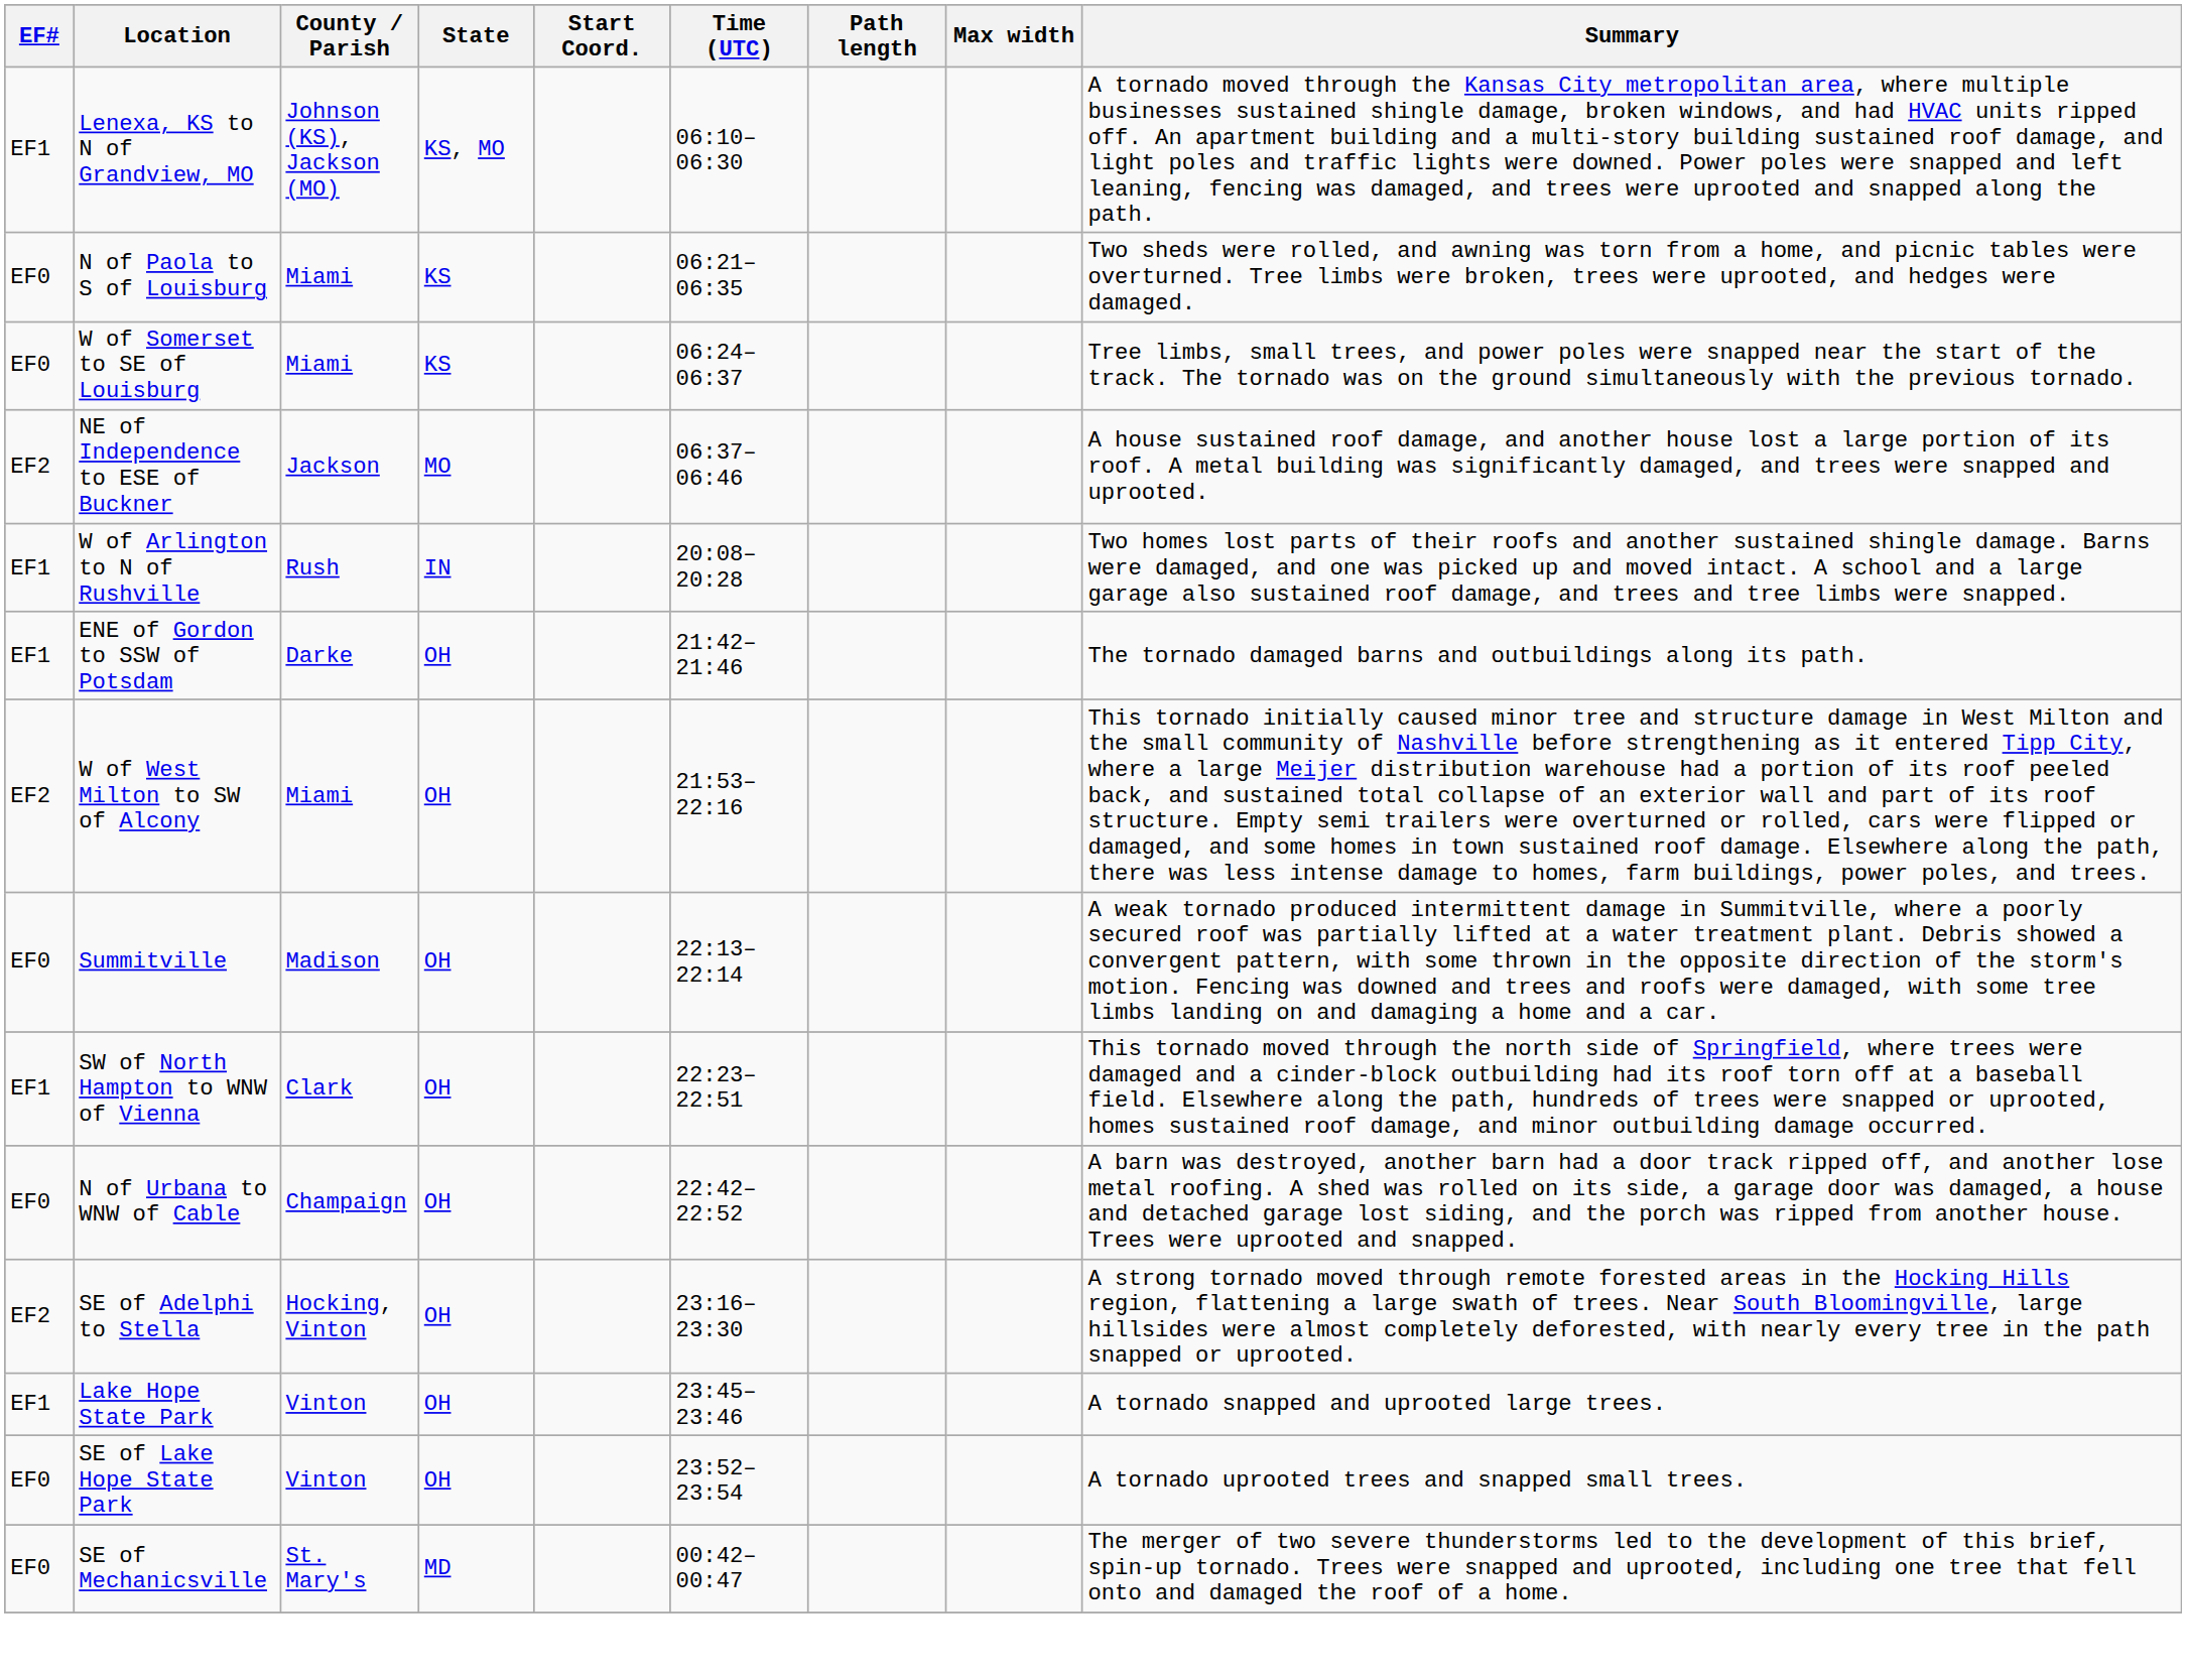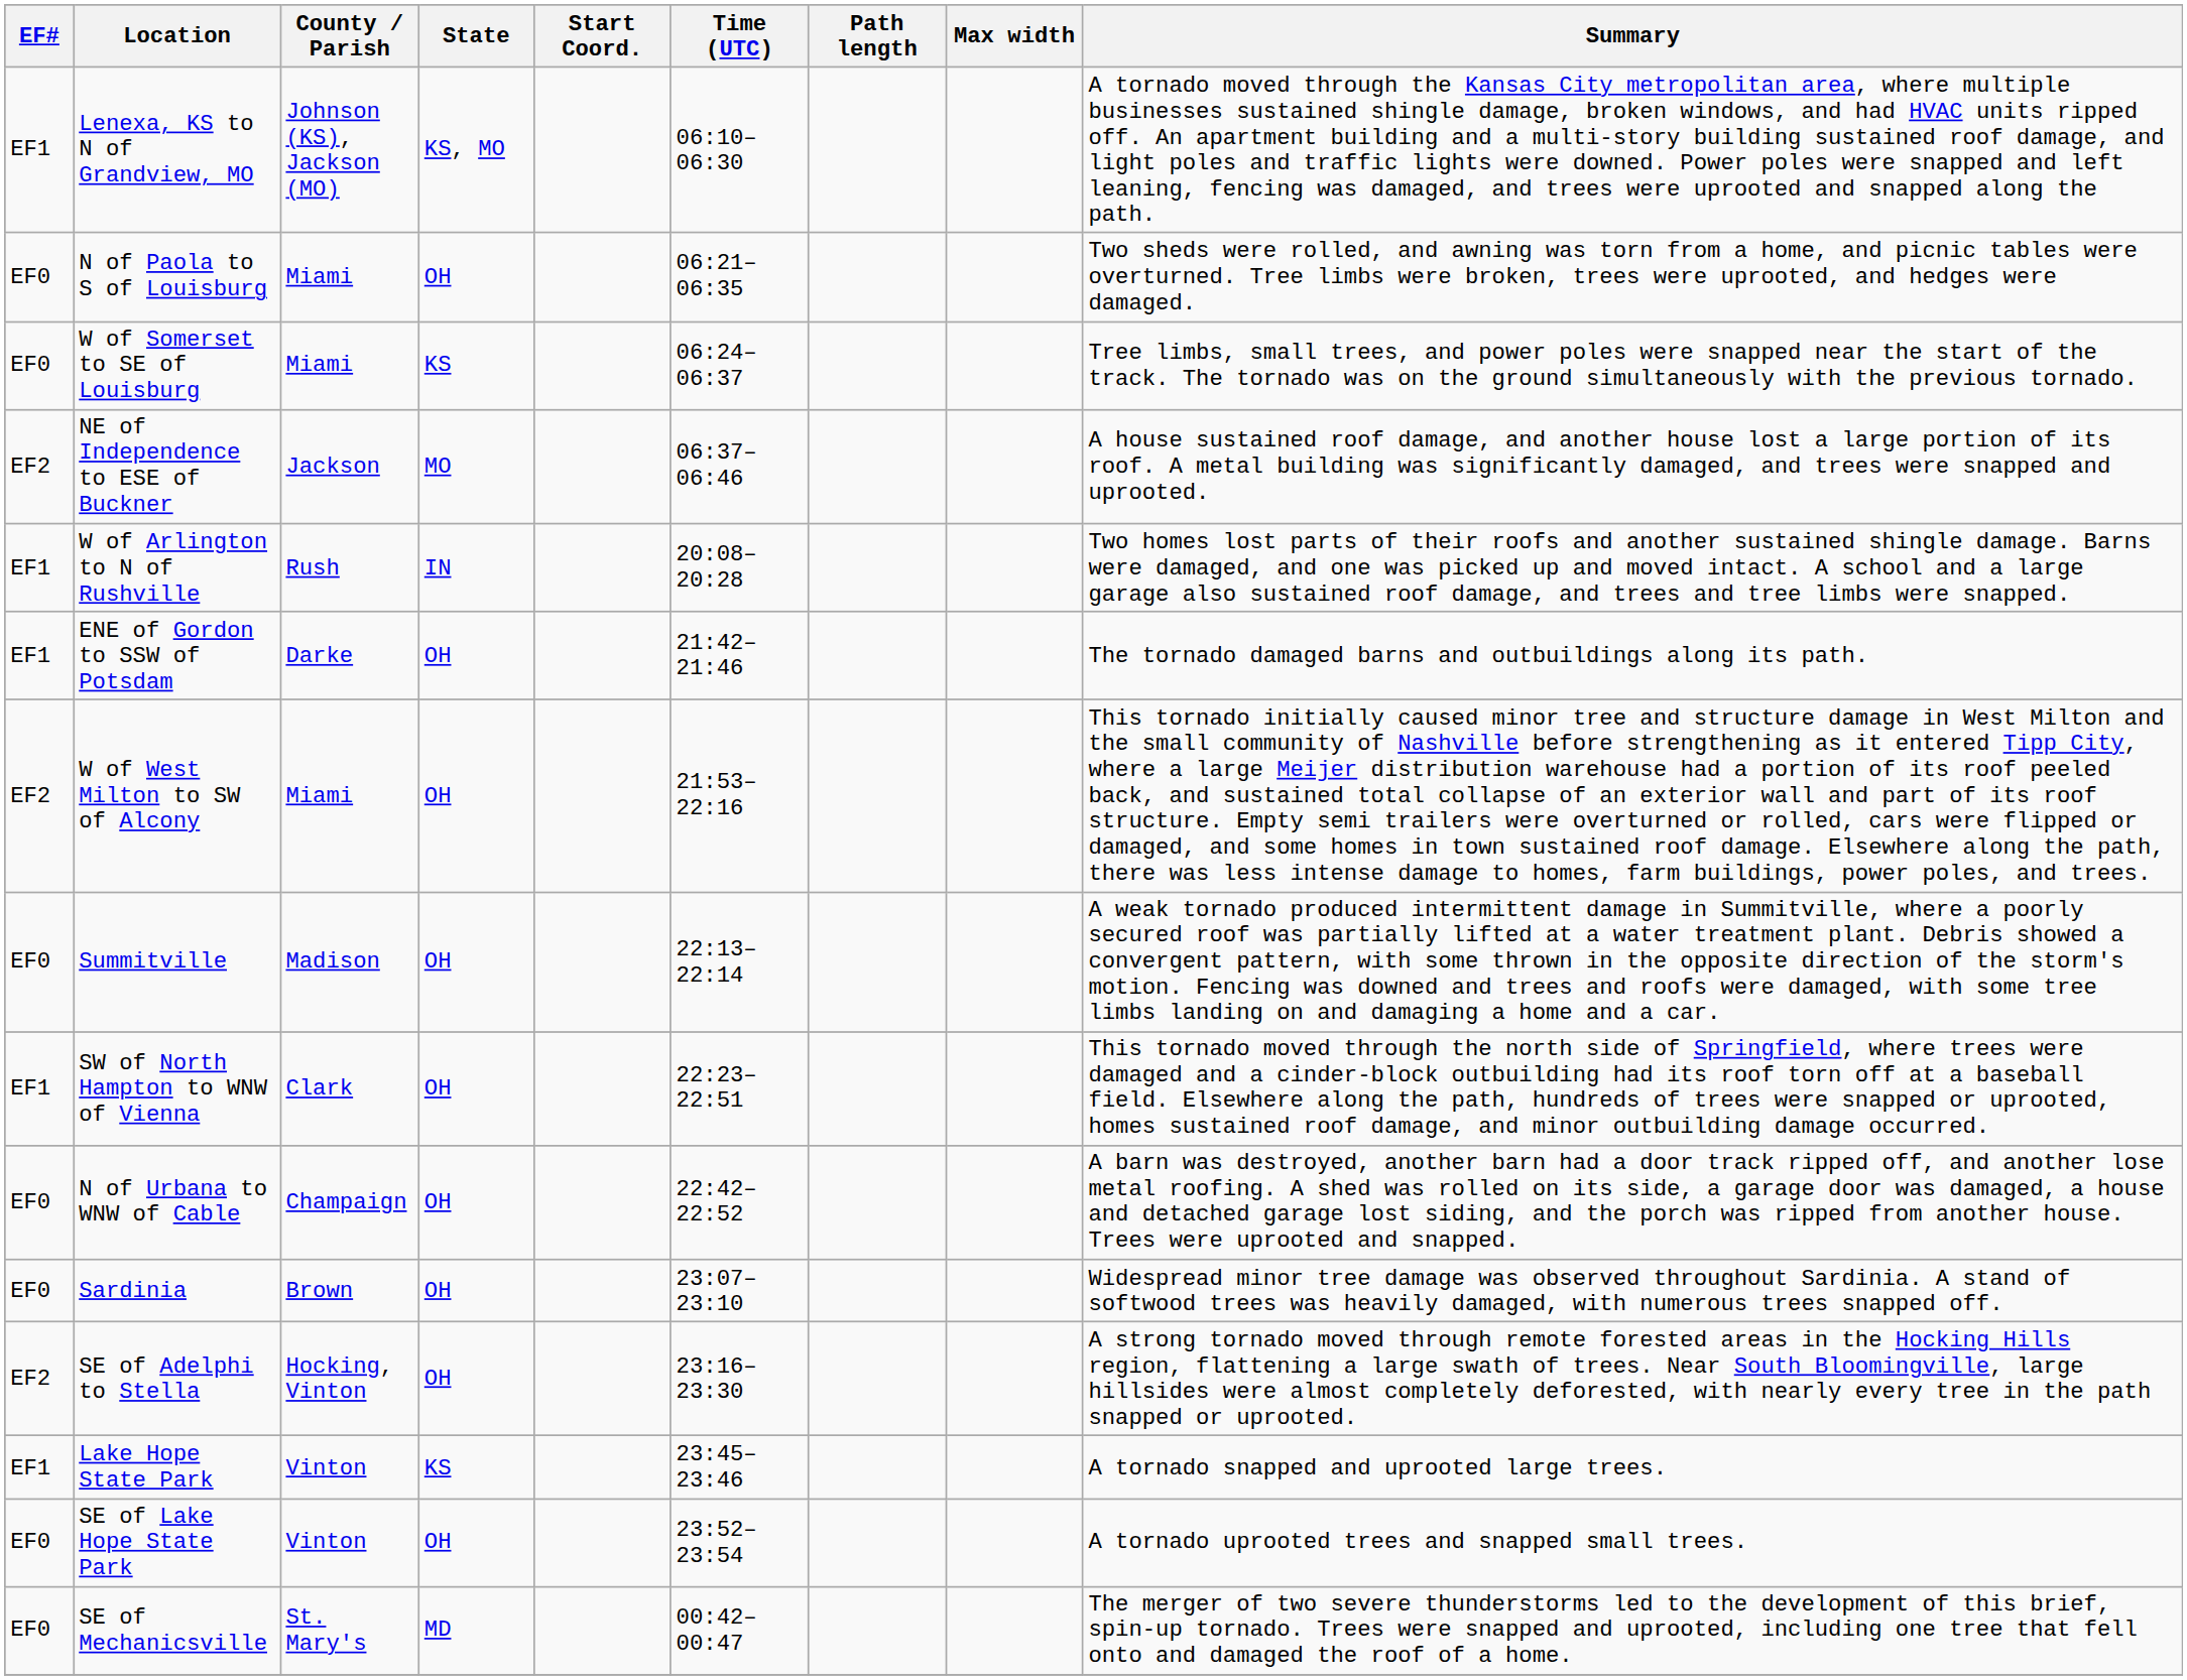 <table class="wikitable sortable" style="width:100%;">
 <tr>
 <th scope="col"  style="width:3%; text-align:center;"><a href='#'>EF#</a></th>
 <th scope="col"  style="width:7%; text-align:center;" class="unsortable">Location</th>
 <th scope="col"  style="width:6%; text-align:center;" class="unsortable">County / Parish</th>
 <th scope="col"  style="width:5%; text-align:center;">State</th>
 <th scope="col"  style="width:6%; text-align:center;">Start Coord.</th>
 <th scope="col"  style="width:6%; text-align:center;">Time (<a href='#'>UTC</a>)</th>
 <th scope="col"  style="width:6%; text-align:center;">Path length</th>
 <th scope="col"  style="width:6%; text-align:center;">Max width</th>
 <th scope="col" class="unsortable" style="width:48%; text-align:center;">Summary</th>
 </tr>
 <tr>
 <td>EF1</td>
 <td><a href='#'>Lenexa, KS</a> to N of <a href='#'>Grandview, MO</a></td>
 <td><a href='#'>Johnson (KS)</a>, <a href='#'>Jackson (MO)</a></td>
 <td><a href='#'>KS</a>, <a href='#'>MO</a></td>
 <td></td>
 <td>06:10–06:30</td>
 <td></td>
 <td></td>
 <td>A tornado moved through the <a href='#'>Kansas City metropolitan area</a>, where multiple businesses sustained shingle damage, broken windows, and had <a href='#'>HVAC</a> units ripped off. An apartment building and a multi-story building sustained roof damage, and light poles and traffic lights were downed. Power poles were snapped and left leaning, fencing was damaged, and trees were uprooted and snapped along the path.</td>
 </tr>
 <tr>
 <td>EF0</td>
 <td>N of <a href='#'>Paola</a> to S of <a href='#'>Louisburg</a></td>
 <td><a href='#'>Miami</a></td>
-<td><a href='#'>KS</a></td>
+<td><a href='#'>OH</a></td>
 <td></td>
 <td>06:21–06:35</td>
 <td></td>
 <td></td>
 <td>Two sheds were rolled, and awning was torn from a home, and picnic tables were overturned. Tree limbs were broken, trees were uprooted, and hedges were damaged.</td>
 </tr>
 <tr>
 <td>EF0</td>
 <td>W of <a href='#'>Somerset</a> to SE of <a href='#'>Louisburg</a></td>
 <td><a href='#'>Miami</a></td>
 <td><a href='#'>KS</a></td>
 <td></td>
 <td>06:24–06:37</td>
 <td></td>
 <td></td>
 <td>Tree limbs, small trees, and power poles were snapped near the start of the track. The tornado was on the ground simultaneously with the previous tornado.</td>
 </tr>
 <tr>
 <td>EF2</td>
 <td>NE of <a href='#'>Independence</a> to ESE of <a href='#'>Buckner</a></td>
 <td><a href='#'>Jackson</a></td>
 <td><a href='#'>MO</a></td>
 <td></td>
 <td>06:37–06:46</td>
 <td></td>
 <td></td>
 <td>A house sustained roof damage, and another house lost a large portion of its roof. A metal building was significantly damaged, and trees were snapped and uprooted.</td>
 </tr>
 <tr>
 <td>EF1</td>
 <td>W of <a href='#'>Arlington</a> to N of <a href='#'>Rushville</a></td>
 <td><a href='#'>Rush</a></td>
 <td><a href='#'>IN</a></td>
 <td></td>
 <td>20:08–20:28</td>
 <td></td>
 <td></td>
 <td>Two homes lost parts of their roofs and another sustained shingle damage. Barns were damaged, and one was picked up and moved  intact. A school and a large garage also sustained roof damage, and trees and tree limbs were snapped.</td>
 </tr>
 <tr>
 <td>EF1</td>
 <td>ENE of <a href='#'>Gordon</a> to  SSW of <a href='#'>Potsdam</a></td>
 <td><a href='#'>Darke</a></td>
 <td><a href='#'>OH</a></td>
 <td></td>
 <td>21:42–21:46</td>
 <td></td>
 <td></td>
 <td>The tornado damaged barns and outbuildings along its path.</td>
 </tr>
 <tr>
 <td>EF2</td>
 <td>W of <a href='#'>West Milton</a> to SW of <a href='#'>Alcony</a></td>
 <td><a href='#'>Miami</a></td>
 <td><a href='#'>OH</a></td>
 <td></td>
 <td>21:53–22:16</td>
 <td></td>
 <td></td>
 <td>This tornado initially caused minor tree and structure damage in West Milton and the small community of <a href='#'>Nashville</a> before strengthening as it entered <a href='#'>Tipp City</a>, where a large <a href='#'>Meijer</a> distribution warehouse had a portion of its roof peeled back, and sustained total collapse of an exterior wall and part of its roof structure. Empty semi trailers were overturned or rolled, cars were flipped or damaged, and some homes in town sustained roof damage. Elsewhere along the path, there was less intense damage to homes, farm buildings, power poles, and trees.</td>
 </tr>
 <tr>
 <td>EF0</td>
 <td><a href='#'>Summitville</a></td>
 <td><a href='#'>Madison</a></td>
 <td><a href='#'>OH</a></td>
 <td></td>
 <td>22:13–22:14</td>
 <td></td>
 <td></td>
 <td>A weak tornado produced intermittent damage in Summitville, where a poorly secured roof was partially lifted at a water treatment plant. Debris showed a convergent pattern, with some thrown in the opposite direction of the storm's motion. Fencing was downed and trees and roofs were damaged, with some tree limbs landing on and damaging a home and a car.</td>
 </tr>
 <tr>
 <td>EF1</td>
 <td>SW of <a href='#'>North Hampton</a> to WNW of <a href='#'>Vienna</a></td>
 <td><a href='#'>Clark</a></td>
 <td><a href='#'>OH</a></td>
 <td></td>
 <td>22:23–22:51</td>
 <td></td>
 <td></td>
 <td>This tornado moved through the north side of <a href='#'>Springfield</a>, where trees were damaged and a cinder-block outbuilding had its roof torn off at a baseball field. Elsewhere along the path, hundreds of trees were snapped or uprooted, homes sustained roof damage, and minor outbuilding damage occurred.</td>
 </tr>
 <tr>
 <td>EF0</td>
 <td>N of <a href='#'>Urbana</a> to WNW  of <a href='#'>Cable</a></td>
 <td><a href='#'>Champaign</a></td>
 <td><a href='#'>OH</a></td>
 <td></td>
 <td>22:42–22:52</td>
 <td></td>
 <td></td>
 <td>A barn was destroyed, another barn had a door track ripped off, and another lose metal roofing. A shed was rolled on its side, a garage door was damaged, a house and detached garage lost siding, and the porch was ripped from another house. Trees were uprooted and snapped.</td>
 </tr>
 <tr>
+<td>EF0</td>
+<td><a href='#'>Sardinia</a></td>
+<td><a href='#'>Brown</a></td>
+<td><a href='#'>OH</a></td>
+<td></td>
+<td>23:07–23:10</td>
+<td></td>
+<td></td>
+<td>Widespread minor tree damage was observed throughout Sardinia. A stand of softwood trees was heavily damaged, with numerous trees snapped off.</td>
+</tr>
+<tr>
 <td>EF2</td>
 <td>SE of <a href='#'>Adelphi</a> to <a href='#'>Stella</a></td>
 <td><a href='#'>Hocking</a>, <a href='#'>Vinton</a></td>
 <td><a href='#'>OH</a></td>
 <td></td>
 <td>23:16–23:30</td>
 <td></td>
 <td></td>
 <td>A strong tornado moved through remote forested areas in the <a href='#'>Hocking Hills</a> region, flattening a large swath of trees. Near <a href='#'>South Bloomingville</a>, large hillsides were almost completely deforested, with nearly every tree in the path snapped or uprooted.</td>
 </tr>
 <tr>
 <td>EF1</td>
 <td><a href='#'>Lake Hope State Park</a></td>
 <td><a href='#'>Vinton</a></td>
-<td><a href='#'>OH</a></td>
+<td><a href='#'>KS</a></td>
 <td></td>
 <td>23:45–23:46</td>
 <td></td>
 <td></td>
 <td>A tornado snapped and uprooted large trees.</td>
 </tr>
 <tr>
 <td>EF0</td>
 <td>SE of <a href='#'>Lake Hope State Park</a></td>
 <td><a href='#'>Vinton</a></td>
 <td><a href='#'>OH</a></td>
 <td></td>
 <td>23:52–23:54</td>
 <td></td>
 <td></td>
 <td>A tornado uprooted trees and snapped small trees.</td>
 </tr>
 <tr>
 <td>EF0</td>
 <td>SE of <a href='#'>Mechanicsville</a></td>
 <td><a href='#'>St. Mary's</a></td>
 <td><a href='#'>MD</a></td>
 <td></td>
 <td>00:42–00:47</td>
 <td></td>
 <td></td>
 <td>The merger of two severe thunderstorms led to the development of this brief, spin-up tornado. Trees were snapped and uprooted, including one tree that fell onto and damaged the roof of a home.</td>
 </tr>
 <tr>
 </tr>
 </table>
